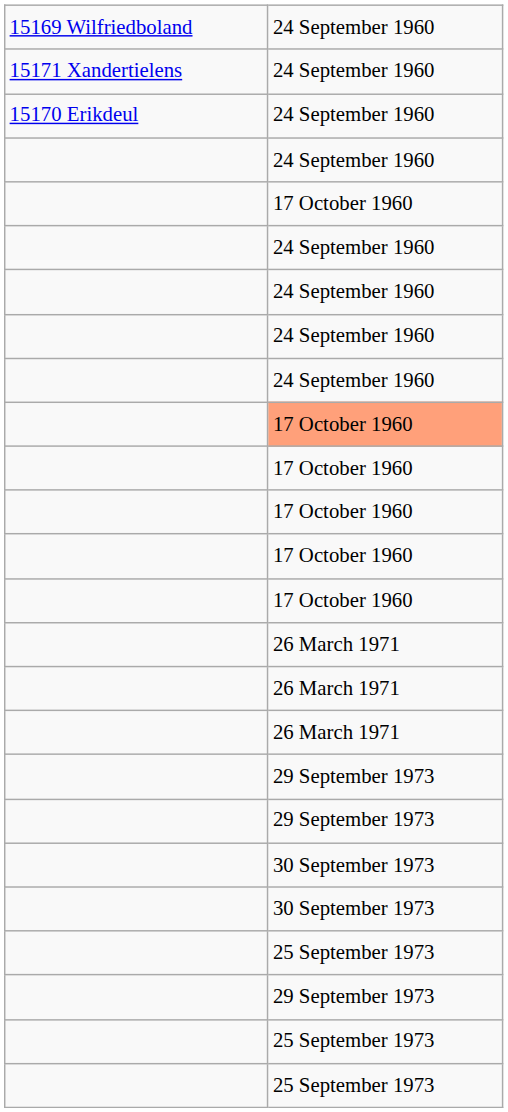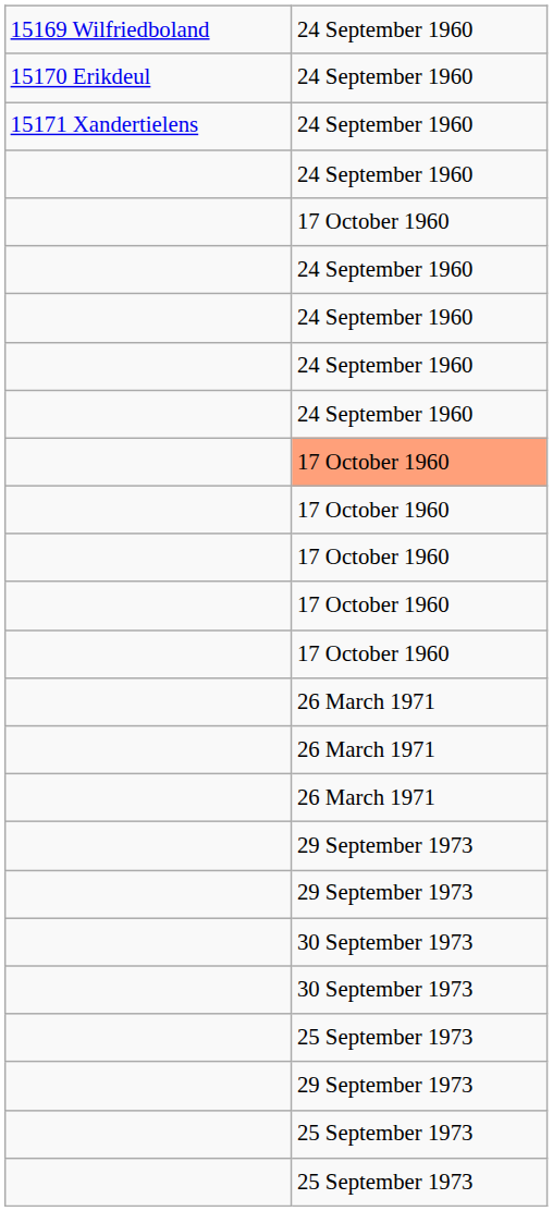 <table class="wikitable" style="font-size: 89%; float: left; width: 24em; margin-right: 1em; line-height: 1.65em">
 <tr>
 <td><a href='#'>15169 Wilfriedboland</a></td>
 <td>24 September 1960</td>
 </tr>
 <tr>
-<td><a href='#'>15171 Xandertielens</a></td>
+<td><a href='#'>15170 Erikdeul</a></td>
 <td>24 September 1960</td>
 </tr>
 <tr>
-<td><a href='#'>15170 Erikdeul</a></td>
+<td><a href='#'>15171 Xandertielens</a></td>
 <td>24 September 1960</td>
 </tr>
 <tr>
 <td></td>
 <td>24 September 1960</td>
 </tr>
 <tr>
 <td></td>
 <td>17 October 1960</td>
 </tr>
 <tr>
 <td></td>
 <td>24 September 1960</td>
 </tr>
 <tr>
 <td></td>
 <td>24 September 1960</td>
 </tr>
 <tr>
 <td></td>
 <td>24 September 1960</td>
 </tr>
 <tr>
 <td></td>
 <td>24 September 1960</td>
 </tr>
 <tr>
 <td></td>
 <td style="background: lightsalmon;">17 October 1960</td>
 </tr>
 <tr>
 <td></td>
 <td>17 October 1960</td>
 </tr>
 <tr>
 <td></td>
 <td>17 October 1960</td>
 </tr>
 <tr>
 <td></td>
 <td>17 October 1960</td>
 </tr>
 <tr>
 <td></td>
 <td>17 October 1960</td>
 </tr>
 <tr>
 <td></td>
 <td>26 March 1971</td>
 </tr>
 <tr>
 <td></td>
 <td>26 March 1971</td>
 </tr>
 <tr>
 <td></td>
 <td>26 March 1971</td>
 </tr>
 <tr>
 <td></td>
 <td>29 September 1973</td>
 </tr>
 <tr>
 <td></td>
 <td>29 September 1973</td>
 </tr>
 <tr>
 <td></td>
 <td>30 September 1973</td>
 </tr>
 <tr>
 <td></td>
 <td>30 September 1973</td>
 </tr>
 <tr>
 <td></td>
 <td>25 September 1973</td>
 </tr>
 <tr>
 <td></td>
 <td>29 September 1973</td>
 </tr>
 <tr>
 <td></td>
 <td>25 September 1973</td>
 </tr>
 <tr>
 <td></td>
 <td>25 September 1973</td>
 </tr>
 </table>
